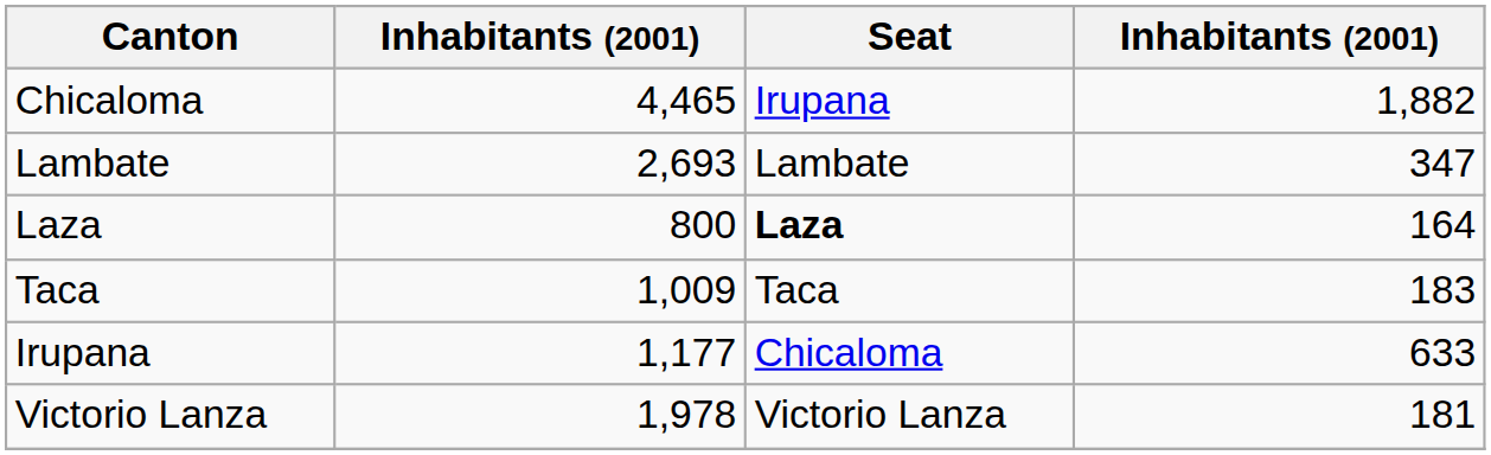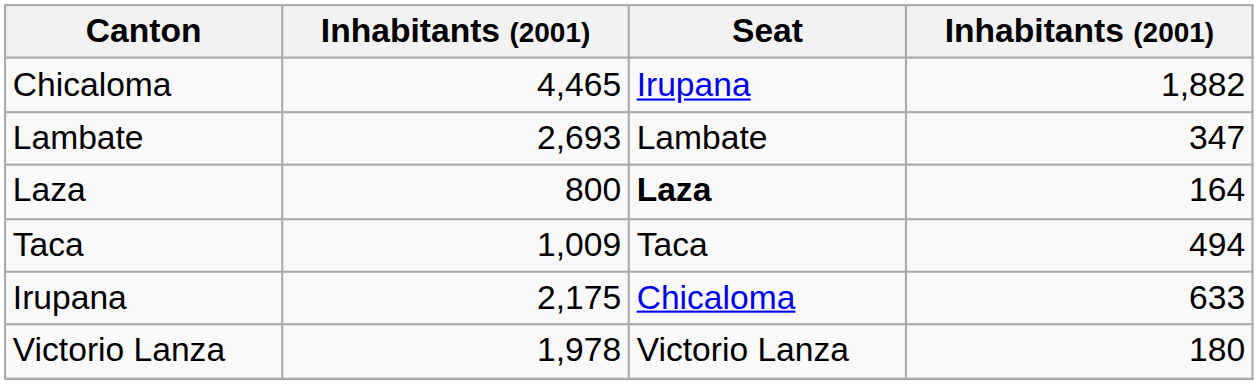 <table class="wikitable" border="1" style="width:30%;" border="1">
 <tr bgcolor=silver>
 <th><strong>Canton</strong></th>
 <th><strong>Inhabitants <small>(2001)</small></strong></th>
 <th><strong>Seat</strong></th>
 <th><strong>Inhabitants <small>(2001)</small></strong></th>
 </tr>
 <tr>
 <td>Chicaloma</td>
 <td align="right">4,465</td>
 <td><a href='#'>Irupana</a></td>
 <td align="right">1,882</td>
 </tr>
 <tr>
 <td>Lambate</td>
 <td align="right">2,693</td>
 <td>Lambate</td>
 <td align="right">347</td>
 </tr>
 <tr>
 <td>Laza</td>
 <td align="right">800</td>
 <td><strong>Laza</strong></td>
 <td align="right">164</td>
 </tr>
 <tr>
 <td>Taca</td>
 <td align="right">1,009</td>
 <td>Taca</td>
-<td align="right">183</td>
+<td align="right">494</td>
 </tr>
 <tr>
 <td>Irupana</td>
-<td align="right">1,177</td>
+<td align="right">2,175</td>
 <td><a href='#'>Chicaloma</a></td>
 <td align="right">633</td>
 </tr>
 <tr>
 <td>Victorio Lanza</td>
 <td align="right">1,978</td>
 <td>Victorio Lanza</td>
-<td align="right">181</td>
+<td align="right">180</td>
 </tr>
 <tr>
 </tr>
 </table>
